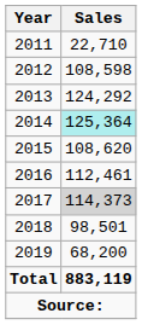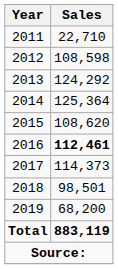 <table class="wikitable" style="float:center; clear:center; margin:0em 0em 1em 1em; text-align:center">
 <tr>
 <th>Year</th>
 <th>Sales</th>
 </tr>
 <tr>
 <td>2011</td>
 <td>22,710</td>
 </tr>
 <tr>
 <td>2012</td>
 <td>108,598</td>
 </tr>
 <tr>
 <td>2013</td>
 <td>124,292</td>
 </tr>
 <tr>
 <td>2014</td>
-<td style="background: paleturquoise;">125,364</td>
+<td>125,364</td>
 </tr>
 <tr>
 <td>2015</td>
 <td>108,620</td>
 </tr>
 <tr>
 <td>2016</td>
-<td>112,461</td>
+<td><strong>112,461</strong></td>
 </tr>
 <tr>
 <td>2017</td>
-<td style="background: lightgrey;">114,373</td>
+<td>114,373</td>
 </tr>
 <tr>
 <td>2018</td>
 <td>98,501</td>
 </tr>
 <tr>
 <td>2019</td>
 <td>68,200</td>
 </tr>
 <tr>
 <td><strong>Total</strong></td>
 <td><strong>883,119</strong></td>
 </tr>
 <tr>
 <td colspan="2"><strong>Source:</strong></td>
 </tr>
 <tr>
 </tr>
 </table>
